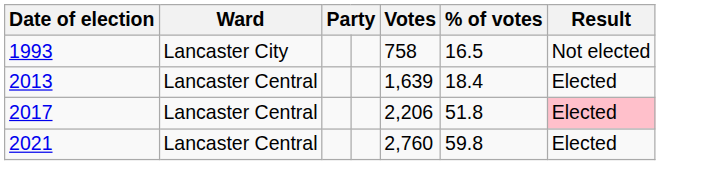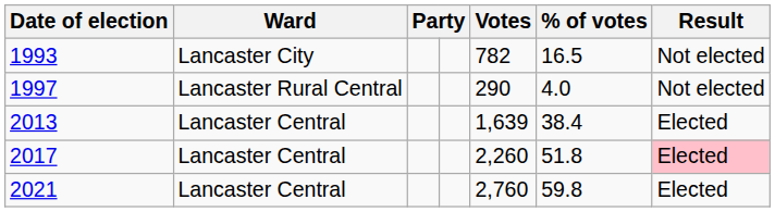 <table class="wikitable">
 <tr>
 <th>Date of election</th>
 <th>Ward</th>
 <th colspan="2">Party</th>
 <th>Votes</th>
 <th>% of votes</th>
 <th>Result</th>
 </tr>
 <tr>
 <td><a href='#'>1993</a></td>
 <td>Lancaster City</td>
 <td style="background-color: "></td>
 <td><a href='#'></a></td>
-<td>758</td>
+<td>782</td>
 <td>16.5</td>
+<td>Not elected</td>
+</tr>
+<tr>
+<td><a href='#'>1997</a></td>
+<td>Lancaster Rural Central</td>
+<td style="background-color: "></td>
+<td><a href='#'></a></td>
+<td>290</td>
+<td>4.0</td>
 <td>Not elected</td>
 </tr>
 <tr>
 <td><a href='#'>2013</a></td>
 <td>Lancaster Central</td>
 <td style="background-color: "></td>
 <td><a href='#'></a></td>
 <td>1,639</td>
-<td>18.4</td>
+<td>38.4</td>
 <td>Elected</td>
 </tr>
 <tr>
 <td><a href='#'>2017</a></td>
 <td>Lancaster Central</td>
 <td style="background-color: "></td>
 <td><a href='#'></a></td>
-<td>2,206</td>
+<td>2,260</td>
 <td>51.8</td>
 <td style="background: pink;">Elected</td>
 </tr>
 <tr>
 <td><a href='#'>2021</a></td>
 <td>Lancaster Central</td>
 <td style="background-color: "></td>
 <td><a href='#'></a></td>
 <td>2,760</td>
 <td>59.8</td>
 <td>Elected</td>
 </tr>
 </table>
